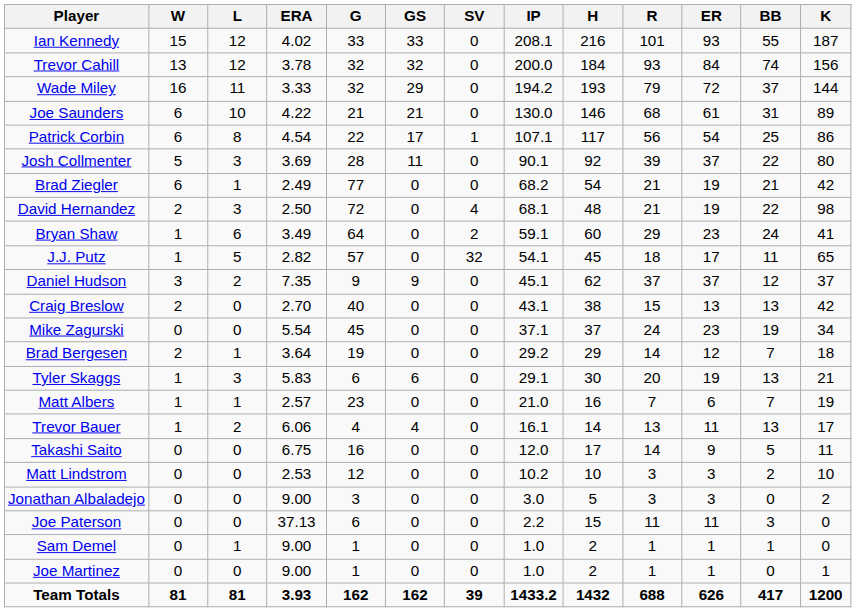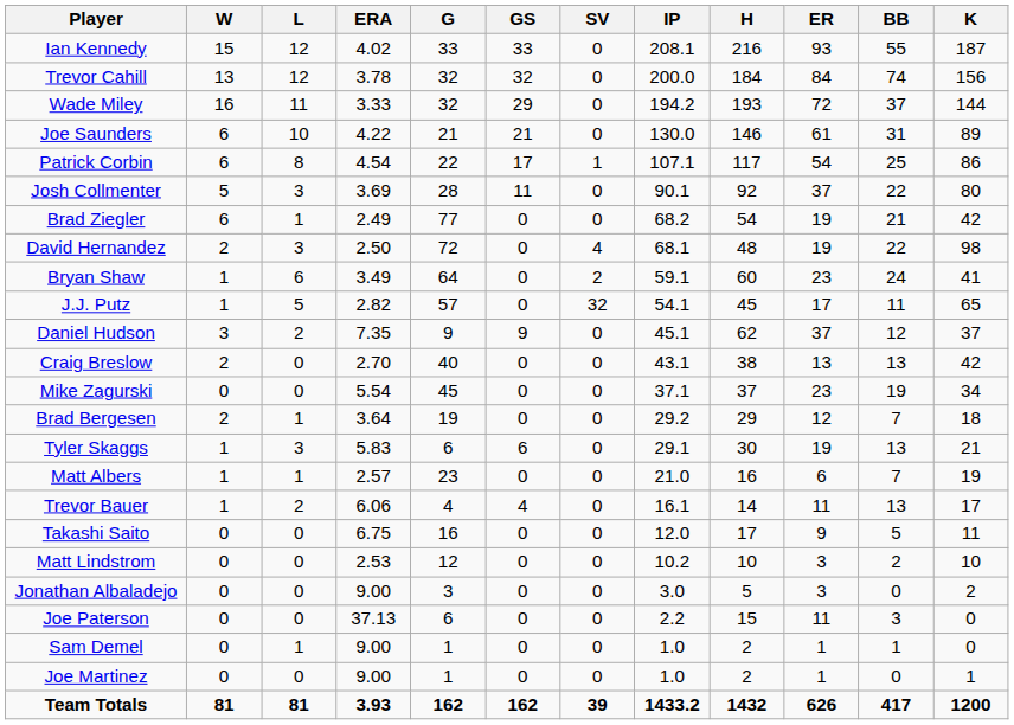 <table class="wikitable sortable" style="text-align:center; border:1; cellpadding:2; cellspacing:0;">
 <tr>
 <th bgcolor="#DDDDFF" width="17%">Player</th>
 <th bgcolor="#DDDDFF" width="7%">W</th>
 <th bgcolor="#DDDDFF" width="7%">L</th>
 <th bgcolor="#DDDDFF" width="7%">ERA</th>
 <th bgcolor="#DDDDFF" width="7%">G</th>
 <th bgcolor="#DDDDFF" width="7%">GS</th>
 <th bgcolor="#DDDDFF" width="7%">SV</th>
 <th bgcolor="#DDDDFF" width="7%">IP</th>
 <th bgcolor="#DDDDFF" width="7%">H</th>
-<th bgcolor="#DDDDFF" width="7%">R</th>
 <th bgcolor="#DDDDFF" width="7%">ER</th>
 <th bgcolor="#DDDDFF" width="7%">BB</th>
 <th bgcolor="#DDDDFF" width="7%">K</th>
 </tr>
 <tr align=center>
 <td><a href='#'>Ian Kennedy</a></td>
 <td>15</td>
 <td>12</td>
 <td>4.02</td>
 <td>33</td>
 <td>33</td>
 <td>0</td>
 <td>208.1</td>
 <td>216</td>
-<td>101</td>
 <td>93</td>
 <td>55</td>
 <td>187</td>
 </tr>
 <tr align=center>
 <td><a href='#'>Trevor Cahill</a></td>
 <td>13</td>
 <td>12</td>
 <td>3.78</td>
 <td>32</td>
 <td>32</td>
 <td>0</td>
 <td>200.0</td>
 <td>184</td>
-<td>93</td>
 <td>84</td>
 <td>74</td>
 <td>156</td>
 </tr>
 <tr align=center>
 <td><a href='#'>Wade Miley</a></td>
 <td>16</td>
 <td>11</td>
 <td>3.33</td>
 <td>32</td>
 <td>29</td>
 <td>0</td>
 <td>194.2</td>
 <td>193</td>
-<td>79</td>
 <td>72</td>
 <td>37</td>
 <td>144</td>
 </tr>
 <tr align=center>
 <td><a href='#'>Joe Saunders</a></td>
 <td>6</td>
 <td>10</td>
 <td>4.22</td>
 <td>21</td>
 <td>21</td>
 <td>0</td>
 <td>130.0</td>
 <td>146</td>
-<td>68</td>
 <td>61</td>
 <td>31</td>
 <td>89</td>
 </tr>
 <tr align=center>
 <td><a href='#'>Patrick Corbin</a></td>
 <td>6</td>
 <td>8</td>
 <td>4.54</td>
 <td>22</td>
 <td>17</td>
 <td>1</td>
 <td>107.1</td>
 <td>117</td>
-<td>56</td>
 <td>54</td>
 <td>25</td>
 <td>86</td>
 </tr>
 <tr align=center>
 <td><a href='#'>Josh Collmenter</a></td>
 <td>5</td>
 <td>3</td>
 <td>3.69</td>
 <td>28</td>
 <td>11</td>
 <td>0</td>
 <td>90.1</td>
 <td>92</td>
-<td>39</td>
 <td>37</td>
 <td>22</td>
 <td>80</td>
 </tr>
 <tr align=center>
 <td><a href='#'>Brad Ziegler</a></td>
 <td>6</td>
 <td>1</td>
 <td>2.49</td>
 <td>77</td>
 <td>0</td>
 <td>0</td>
 <td>68.2</td>
 <td>54</td>
-<td>21</td>
 <td>19</td>
 <td>21</td>
 <td>42</td>
 </tr>
 <tr align=center>
 <td><a href='#'>David Hernandez</a></td>
 <td>2</td>
 <td>3</td>
 <td>2.50</td>
 <td>72</td>
 <td>0</td>
 <td>4</td>
 <td>68.1</td>
 <td>48</td>
-<td>21</td>
 <td>19</td>
 <td>22</td>
 <td>98</td>
 </tr>
 <tr align=center>
 <td><a href='#'>Bryan Shaw</a></td>
 <td>1</td>
 <td>6</td>
 <td>3.49</td>
 <td>64</td>
 <td>0</td>
 <td>2</td>
 <td>59.1</td>
 <td>60</td>
-<td>29</td>
 <td>23</td>
 <td>24</td>
 <td>41</td>
 </tr>
 <tr align=center>
 <td><a href='#'>J.J. Putz</a></td>
 <td>1</td>
 <td>5</td>
 <td>2.82</td>
 <td>57</td>
 <td>0</td>
 <td>32</td>
 <td>54.1</td>
 <td>45</td>
-<td>18</td>
 <td>17</td>
 <td>11</td>
 <td>65</td>
 </tr>
 <tr align=center>
 <td><a href='#'>Daniel Hudson</a></td>
 <td>3</td>
 <td>2</td>
 <td>7.35</td>
 <td>9</td>
 <td>9</td>
 <td>0</td>
 <td>45.1</td>
 <td>62</td>
 <td>37</td>
-<td>37</td>
 <td>12</td>
 <td>37</td>
 </tr>
 <tr align=center>
 <td><a href='#'>Craig Breslow</a></td>
 <td>2</td>
 <td>0</td>
 <td>2.70</td>
 <td>40</td>
 <td>0</td>
 <td>0</td>
 <td>43.1</td>
 <td>38</td>
-<td>15</td>
 <td>13</td>
 <td>13</td>
 <td>42</td>
 </tr>
 <tr align=center>
 <td><a href='#'>Mike Zagurski</a></td>
 <td>0</td>
 <td>0</td>
 <td>5.54</td>
 <td>45</td>
 <td>0</td>
 <td>0</td>
 <td>37.1</td>
 <td>37</td>
-<td>24</td>
 <td>23</td>
 <td>19</td>
 <td>34</td>
 </tr>
 <tr align=center>
 <td><a href='#'>Brad Bergesen</a></td>
 <td>2</td>
 <td>1</td>
 <td>3.64</td>
 <td>19</td>
 <td>0</td>
 <td>0</td>
 <td>29.2</td>
 <td>29</td>
-<td>14</td>
 <td>12</td>
 <td>7</td>
 <td>18</td>
 </tr>
 <tr align=center>
 <td><a href='#'>Tyler Skaggs</a></td>
 <td>1</td>
 <td>3</td>
 <td>5.83</td>
 <td>6</td>
 <td>6</td>
 <td>0</td>
 <td>29.1</td>
 <td>30</td>
-<td>20</td>
 <td>19</td>
 <td>13</td>
 <td>21</td>
 </tr>
 <tr align=center>
 <td><a href='#'>Matt Albers</a></td>
 <td>1</td>
 <td>1</td>
 <td>2.57</td>
 <td>23</td>
 <td>0</td>
 <td>0</td>
 <td>21.0</td>
 <td>16</td>
-<td>7</td>
 <td>6</td>
 <td>7</td>
 <td>19</td>
 </tr>
 <tr align=center>
 <td><a href='#'>Trevor Bauer</a></td>
 <td>1</td>
 <td>2</td>
 <td>6.06</td>
 <td>4</td>
 <td>4</td>
 <td>0</td>
 <td>16.1</td>
 <td>14</td>
-<td>13</td>
 <td>11</td>
 <td>13</td>
 <td>17</td>
 </tr>
 <tr align=center>
 <td><a href='#'>Takashi Saito</a></td>
 <td>0</td>
 <td>0</td>
 <td>6.75</td>
 <td>16</td>
 <td>0</td>
 <td>0</td>
 <td>12.0</td>
 <td>17</td>
-<td>14</td>
 <td>9</td>
 <td>5</td>
 <td>11</td>
 </tr>
 <tr align=center>
 <td><a href='#'>Matt Lindstrom</a></td>
 <td>0</td>
 <td>0</td>
 <td>2.53</td>
 <td>12</td>
 <td>0</td>
 <td>0</td>
 <td>10.2</td>
 <td>10</td>
 <td>3</td>
-<td>3</td>
 <td>2</td>
 <td>10</td>
 </tr>
 <tr align=center>
 <td><a href='#'>Jonathan Albaladejo</a></td>
 <td>0</td>
 <td>0</td>
 <td>9.00</td>
 <td>3</td>
 <td>0</td>
 <td>0</td>
 <td>3.0</td>
 <td>5</td>
 <td>3</td>
-<td>3</td>
 <td>0</td>
 <td>2</td>
 </tr>
 <tr align=center>
 <td><a href='#'>Joe Paterson</a></td>
 <td>0</td>
 <td>0</td>
 <td>37.13</td>
 <td>6</td>
 <td>0</td>
 <td>0</td>
 <td>2.2</td>
 <td>15</td>
-<td>11</td>
 <td>11</td>
 <td>3</td>
 <td>0</td>
 </tr>
 <tr align=center>
 <td><a href='#'>Sam Demel</a></td>
 <td>0</td>
 <td>1</td>
 <td>9.00</td>
 <td>1</td>
 <td>0</td>
 <td>0</td>
 <td>1.0</td>
 <td>2</td>
 <td>1</td>
 <td>1</td>
-<td>1</td>
 <td>0</td>
 </tr>
 <tr align=center>
 <td><a href='#'>Joe Martinez</a></td>
 <td>0</td>
 <td>0</td>
 <td>9.00</td>
 <td>1</td>
 <td>0</td>
 <td>0</td>
 <td>1.0</td>
 <td>2</td>
-<td>1</td>
 <td>1</td>
 <td>0</td>
 <td>1</td>
 </tr>
 <tr align=center>
 <td><strong>Team Totals</strong></td>
 <td><strong>81</strong></td>
 <td><strong>81</strong></td>
 <td><strong>3.93</strong></td>
 <td><strong>162</strong></td>
 <td><strong>162</strong></td>
 <td><strong>39</strong></td>
 <td><strong>1433.2</strong></td>
 <td><strong>1432</strong></td>
-<td><strong>688</strong></td>
 <td><strong>626</strong></td>
 <td><strong>417</strong></td>
 <td><strong>1200</strong></td>
 </tr>
 </table>
